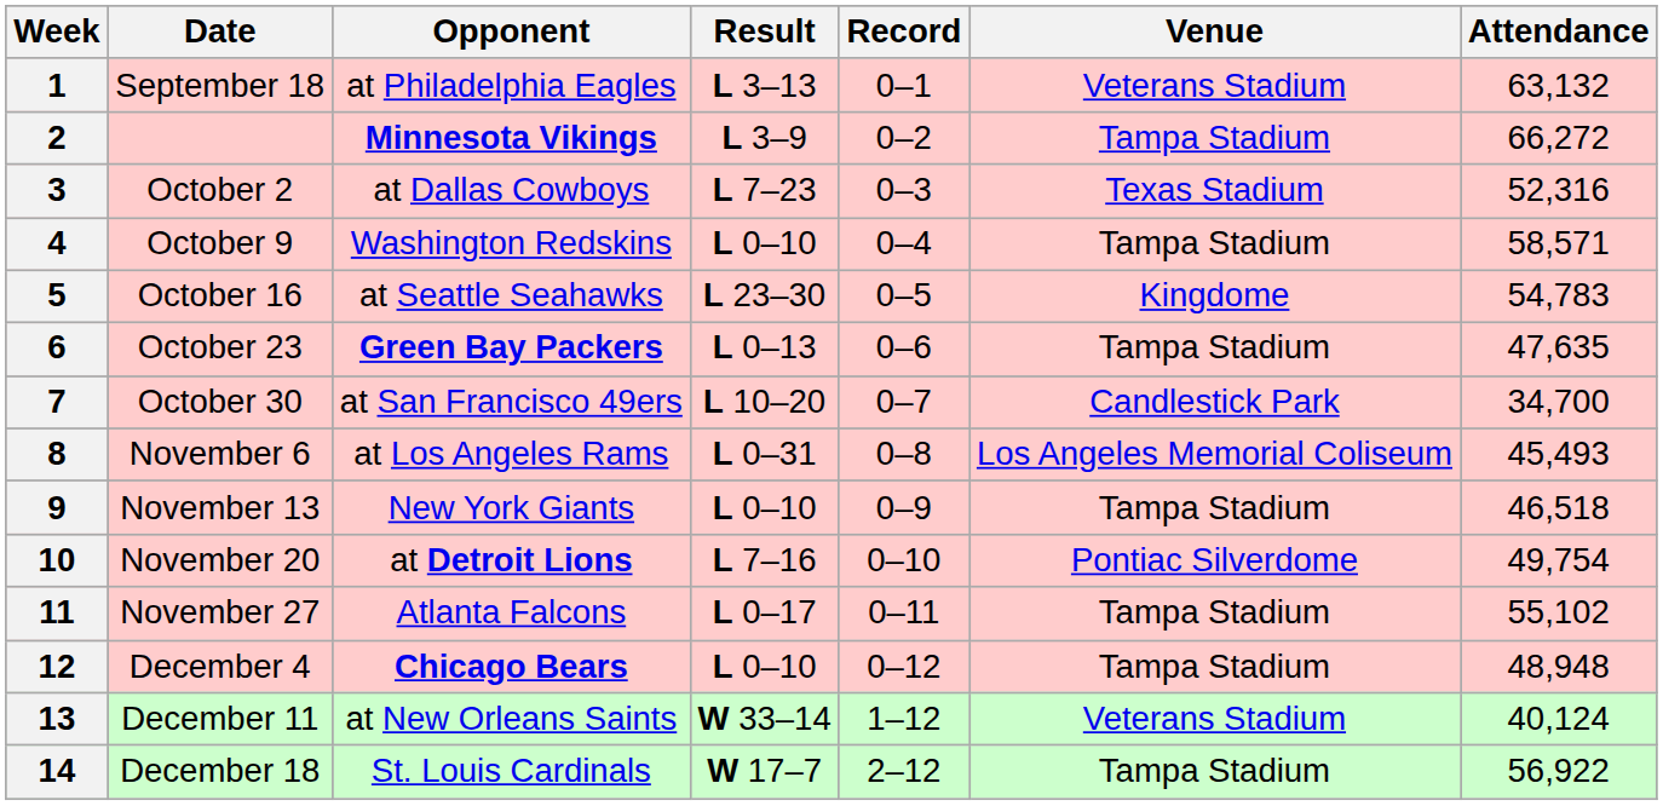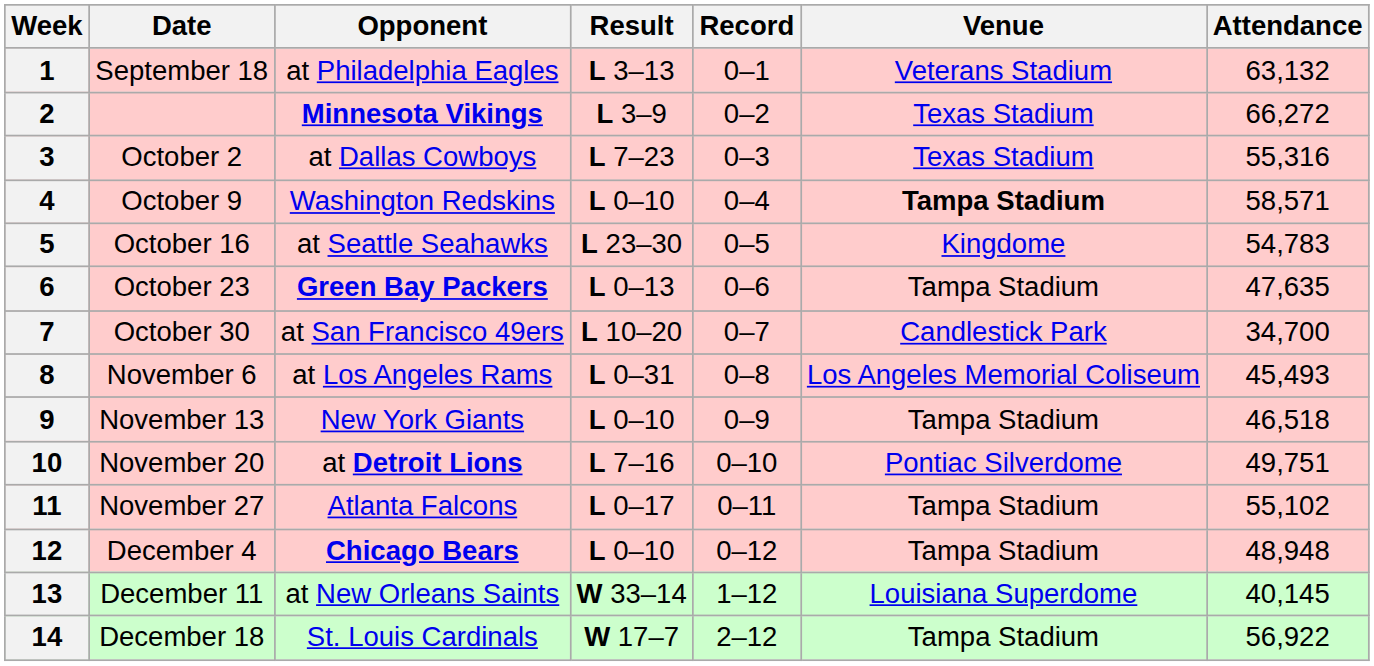 <table class="wikitable" style="text-align:center">
 <tr>
 <th>Week</th>
 <th>Date</th>
 <th>Opponent</th>
 <th>Result</th>
 <th>Record</th>
 <th>Venue</th>
 <th>Attendance</th>
 </tr>
 <tr style="background:#fcc; text-align:center;">
 <th>1</th>
 <td>September 18</td>
 <td>at <a href='#'>Philadelphia Eagles</a></td>
 <td><strong>L</strong> 3–13</td>
 <td>0–1</td>
 <td><a href='#'>Veterans Stadium</a></td>
 <td>63,132</td>
 </tr>
 <tr style="background:#fcc; text-align:center;">
 <th>2</th>
 <td></td>
 <td><strong><a href='#'>Minnesota Vikings</a></strong></td>
 <td><strong>L</strong> 3–9</td>
 <td>0–2</td>
-<td><a href='#'>Tampa Stadium</a></td>
+<td><a href='#'>Texas Stadium</a></td>
 <td>66,272</td>
 </tr>
 <tr style="background:#fcc; text-align:center;">
 <th>3</th>
 <td>October 2</td>
 <td>at <a href='#'>Dallas Cowboys</a></td>
 <td><strong>L</strong> 7–23</td>
 <td>0–3</td>
 <td><a href='#'>Texas Stadium</a></td>
-<td>52,316</td>
+<td>55,316</td>
 </tr>
 <tr style="background:#fcc; text-align:center;">
 <th>4</th>
 <td>October 9</td>
 <td><a href='#'>Washington Redskins</a></td>
 <td><strong>L</strong> 0–10</td>
 <td>0–4</td>
-<td>Tampa Stadium</td>
+<td><strong>Tampa Stadium</strong></td>
 <td>58,571</td>
 </tr>
 <tr style="background:#fcc; text-align:center;">
 <th>5</th>
 <td>October 16</td>
 <td>at <a href='#'>Seattle Seahawks</a></td>
 <td><strong>L</strong> 23–30</td>
 <td>0–5</td>
 <td><a href='#'>Kingdome</a></td>
 <td>54,783</td>
 </tr>
 <tr style="background:#fcc; text-align:center;">
 <th>6</th>
 <td>October 23</td>
 <td><strong><a href='#'>Green Bay Packers</a></strong></td>
 <td><strong>L</strong> 0–13</td>
 <td>0–6</td>
 <td>Tampa Stadium</td>
 <td>47,635</td>
 </tr>
 <tr style="background:#fcc; text-align:center;">
 <th>7</th>
 <td>October 30</td>
 <td>at <a href='#'>San Francisco 49ers</a></td>
 <td><strong>L</strong> 10–20</td>
 <td>0–7</td>
 <td><a href='#'>Candlestick Park</a></td>
 <td>34,700</td>
 </tr>
 <tr style="background:#fcc; text-align:center;">
 <th>8</th>
 <td>November 6</td>
 <td>at <a href='#'>Los Angeles Rams</a></td>
 <td><strong>L</strong> 0–31</td>
 <td>0–8</td>
 <td><a href='#'>Los Angeles Memorial Coliseum</a></td>
 <td>45,493</td>
 </tr>
 <tr style="background:#fcc; text-align:center;">
 <th>9</th>
 <td>November 13</td>
 <td><a href='#'>New York Giants</a></td>
 <td><strong>L</strong> 0–10</td>
 <td>0–9</td>
 <td>Tampa Stadium</td>
 <td>46,518</td>
 </tr>
 <tr style="background:#fcc; text-align:center;">
 <th>10</th>
 <td>November 20</td>
 <td>at <strong><a href='#'>Detroit Lions</a></strong></td>
 <td><strong>L</strong> 7–16</td>
 <td>0–10</td>
 <td><a href='#'>Pontiac Silverdome</a></td>
-<td>49,754</td>
+<td>49,751</td>
 </tr>
 <tr style="background:#fcc; text-align:center;">
 <th>11</th>
 <td>November 27</td>
 <td><a href='#'>Atlanta Falcons</a></td>
 <td><strong>L</strong> 0–17</td>
 <td>0–11</td>
 <td>Tampa Stadium</td>
 <td>55,102</td>
 </tr>
 <tr style="background:#fcc; text-align:center;">
 <th>12</th>
 <td>December 4</td>
 <td><strong><a href='#'>Chicago Bears</a></strong></td>
 <td><strong>L</strong> 0–10</td>
 <td>0–12</td>
 <td>Tampa Stadium</td>
 <td>48,948</td>
 </tr>
 <tr style="background:#cfc; text-align:center;">
 <th>13</th>
 <td>December 11</td>
 <td>at <a href='#'>New Orleans Saints</a></td>
 <td><strong>W</strong> 33–14</td>
 <td>1–12</td>
-<td><a href='#'>Veterans Stadium</a></td>
-<td>40,124</td>
+<td><a href='#'>Louisiana Superdome</a></td>
+<td>40,145</td>
 </tr>
 <tr style="background:#cfc; text-align:center;">
 <th>14</th>
 <td>December 18</td>
 <td><a href='#'>St. Louis Cardinals</a></td>
 <td><strong>W</strong> 17–7</td>
 <td>2–12</td>
 <td>Tampa Stadium</td>
 <td>56,922</td>
 </tr>
 </table>
